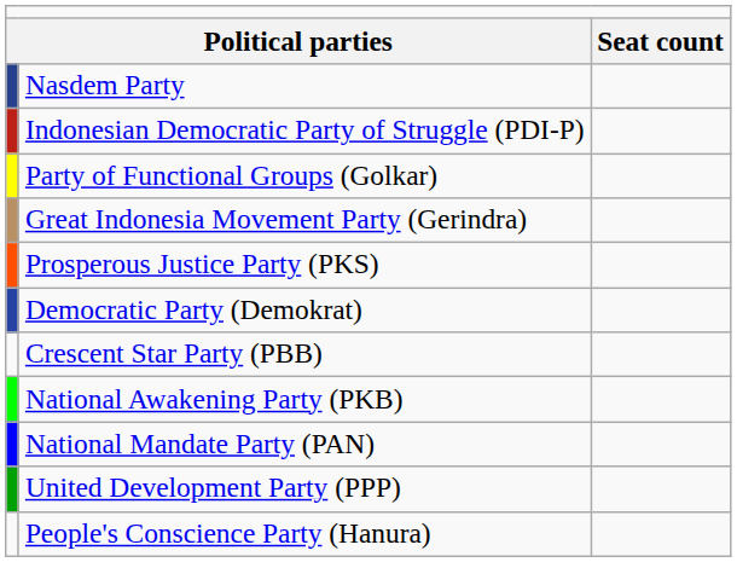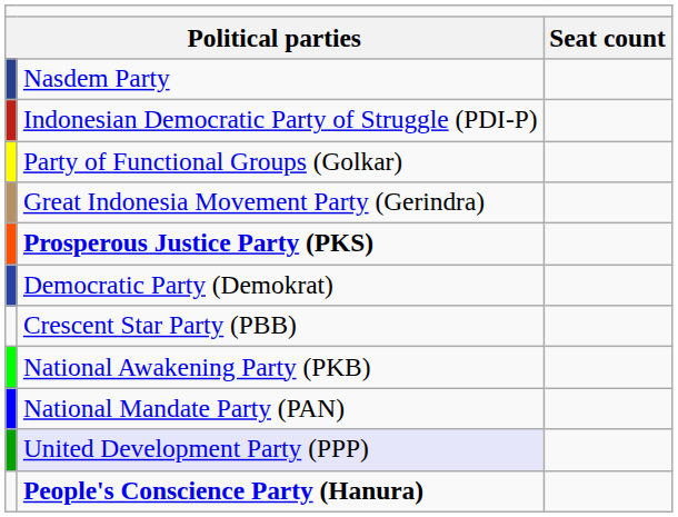 <table class="wikitable">
 <tr>
 <td colspan="4"></td>
 </tr>
 <tr>
 <th colspan="2">Political parties</th>
 <th>Seat count</th>
 </tr>
 <tr>
 <td bgcolor=#27408B></td>
 <td><a href='#'>Nasdem Party</a></td>
 <td></td>
 </tr>
 <tr>
 <td bgcolor=#BD2016></td>
 <td><a href='#'>Indonesian Democratic Party of Struggle</a> (PDI-P)</td>
 <td></td>
 </tr>
 <tr>
 <td bgcolor=#FFFF00></td>
 <td><a href='#'>Party of Functional Groups</a> (Golkar)</td>
 <td></td>
 </tr>
 <tr>
 <td bgcolor=#B79164></td>
 <td><a href='#'>Great Indonesia Movement Party</a> (Gerindra)</td>
 <td></td>
 </tr>
 <tr>
 <td bgcolor=#FF4F00></td>
-<td><a href='#'>Prosperous Justice Party</a> (PKS)</td>
+<td><strong><a href='#'>Prosperous Justice Party</a> (PKS)</strong></td>
 <td></td>
 </tr>
 <tr>
 <td bgcolor=#2643A3></td>
 <td><a href='#'>Democratic Party</a> (Demokrat)</td>
 <td></td>
 </tr>
 <tr>
 <td bgcolor=></td>
 <td><a href='#'>Crescent Star Party</a> (PBB)</td>
 <td></td>
 </tr>
 <tr>
 <td bgcolor=#00FF00></td>
 <td><a href='#'>National Awakening Party</a> (PKB)</td>
 <td></td>
 </tr>
 <tr>
 <td bgcolor=#0000FF></td>
 <td><a href='#'>National Mandate Party</a> (PAN)</td>
 <td></td>
 </tr>
 <tr>
 <td bgcolor=#00A100></td>
-<td><a href='#'>United Development Party</a> (PPP)</td>
+<td style="background: lavender;"><a href='#'>United Development Party</a> (PPP)</td>
 <td></td>
 </tr>
 <tr>
 <td bgcolor=></td>
-<td><a href='#'>People's Conscience Party</a> (Hanura)</td>
+<td><strong><a href='#'>People's Conscience Party</a> (Hanura)</strong></td>
 <td></td>
 </tr>
 </table>
